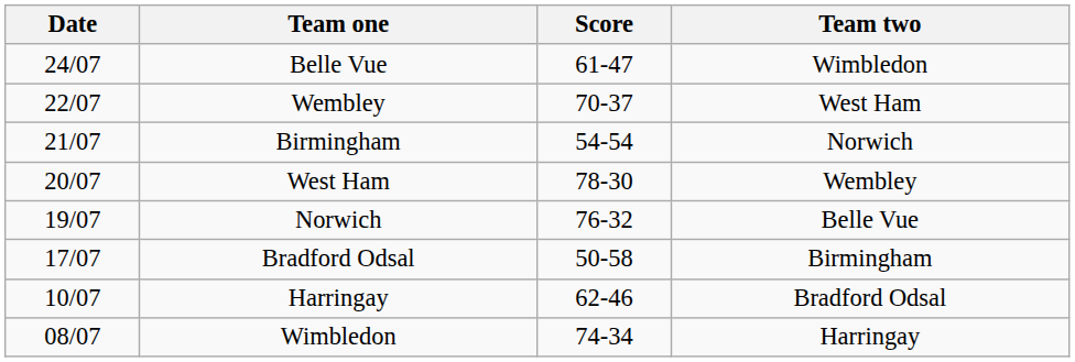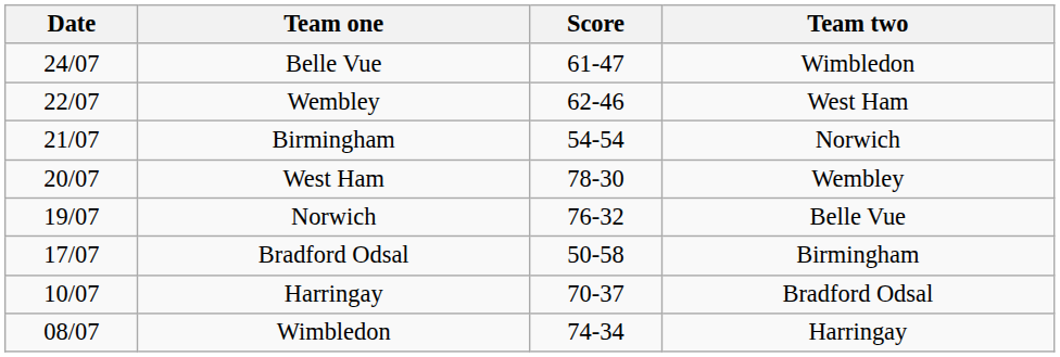 <table class="wikitable" style="text-align: center">
 <tr>
 <th width=80>Date</th>
 <th width=250>Team one</th>
 <th width=80>Score</th>
 <th width=250>Team two</th>
 </tr>
 <tr>
 <td>24/07</td>
 <td>Belle Vue</td>
 <td>61-47</td>
 <td>Wimbledon</td>
 </tr>
 <tr>
 <td>22/07</td>
 <td>Wembley</td>
-<td>70-37</td>
+<td>62-46</td>
 <td>West Ham</td>
 </tr>
 <tr>
 <td>21/07</td>
 <td>Birmingham</td>
 <td>54-54</td>
 <td>Norwich</td>
 </tr>
 <tr>
 <td>20/07</td>
 <td>West Ham</td>
 <td>78-30</td>
 <td>Wembley</td>
 </tr>
 <tr>
 <td>19/07</td>
 <td>Norwich</td>
 <td>76-32</td>
 <td>Belle Vue</td>
 </tr>
 <tr>
 <td>17/07</td>
 <td>Bradford Odsal</td>
 <td>50-58</td>
 <td>Birmingham</td>
 </tr>
 <tr>
 <td>10/07</td>
 <td>Harringay</td>
-<td>62-46</td>
+<td>70-37</td>
 <td>Bradford Odsal</td>
 </tr>
 <tr>
 <td>08/07</td>
 <td>Wimbledon</td>
 <td>74-34</td>
 <td>Harringay</td>
 </tr>
 </table>
